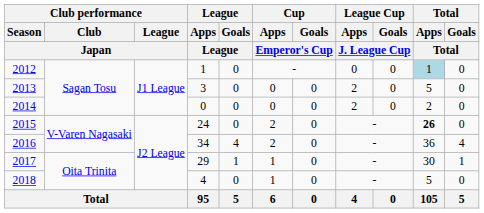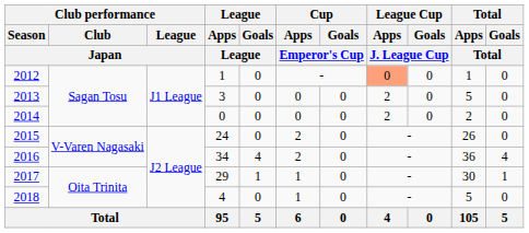 <table class="wikitable" style="text-align:center;">
 <tr>
 <th colspan=3>Club performance</th>
 <th colspan=2>League</th>
 <th colspan=2>Cup</th>
 <th colspan=2>League Cup</th>
 <th colspan=2>Total</th>
 </tr>
 <tr>
 <th>Season</th>
 <th>Club</th>
 <th>League</th>
 <th>Apps</th>
 <th>Goals</th>
 <th>Apps</th>
 <th>Goals</th>
 <th>Apps</th>
 <th>Goals</th>
 <th>Apps</th>
 <th>Goals</th>
 </tr>
 <tr>
 <th colspan=3>Japan</th>
 <th colspan=2>League</th>
 <th colspan=2><a href='#'>Emperor's Cup</a></th>
 <th colspan=2><a href='#'>J. League Cup</a></th>
 <th colspan=2>Total</th>
 </tr>
 <tr>
 <td><a href='#'>2012</a></td>
 <td rowspan="3"><a href='#'>Sagan Tosu</a></td>
 <td rowspan="3"><a href='#'>J1 League</a></td>
 <td>1</td>
 <td>0</td>
 <td colspan="2">-</td>
+<td style="background: lightsalmon;">0</td>
 <td>0</td>
-<td>0</td>
-<td style="background: lightblue;">1</td>
+<td>1</td>
 <td>0</td>
 </tr>
 <tr>
 <td><a href='#'>2013</a></td>
 <td>3</td>
 <td>0</td>
 <td>0</td>
 <td>0</td>
 <td>2</td>
 <td>0</td>
 <td>5</td>
 <td>0</td>
 </tr>
 <tr>
 <td><a href='#'>2014</a></td>
 <td>0</td>
 <td>0</td>
 <td>0</td>
 <td>0</td>
 <td>2</td>
 <td>0</td>
 <td>2</td>
 <td>0</td>
 </tr>
 <tr>
 <td><a href='#'>2015</a></td>
 <td rowspan="2"><a href='#'>V-Varen Nagasaki</a></td>
 <td rowspan="4"><a href='#'>J2 League</a></td>
 <td>24</td>
 <td>0</td>
 <td>2</td>
 <td>0</td>
 <td colspan="2">-</td>
-<td><strong>26</strong></td>
+<td>26</td>
 <td>0</td>
 </tr>
 <tr>
 <td><a href='#'>2016</a></td>
 <td>34</td>
 <td>4</td>
 <td>2</td>
 <td>0</td>
 <td colspan="2">-</td>
 <td>36</td>
 <td>4</td>
 </tr>
 <tr>
 <td><a href='#'>2017</a></td>
 <td rowspan="2"><a href='#'>Oita Trinita</a></td>
 <td>29</td>
 <td>1</td>
 <td>1</td>
 <td>0</td>
 <td colspan="2">-</td>
 <td>30</td>
 <td>1</td>
 </tr>
 <tr>
 <td><a href='#'>2018</a></td>
 <td>4</td>
 <td>0</td>
 <td>1</td>
 <td>0</td>
 <td colspan="2">-</td>
 <td>5</td>
 <td>0</td>
 </tr>
 <tr>
 <th colspan=3>Total</th>
 <th>95</th>
 <th>5</th>
 <th>6</th>
 <th>0</th>
 <th>4</th>
 <th>0</th>
 <th>105</th>
 <th>5</th>
 </tr>
 </table>
